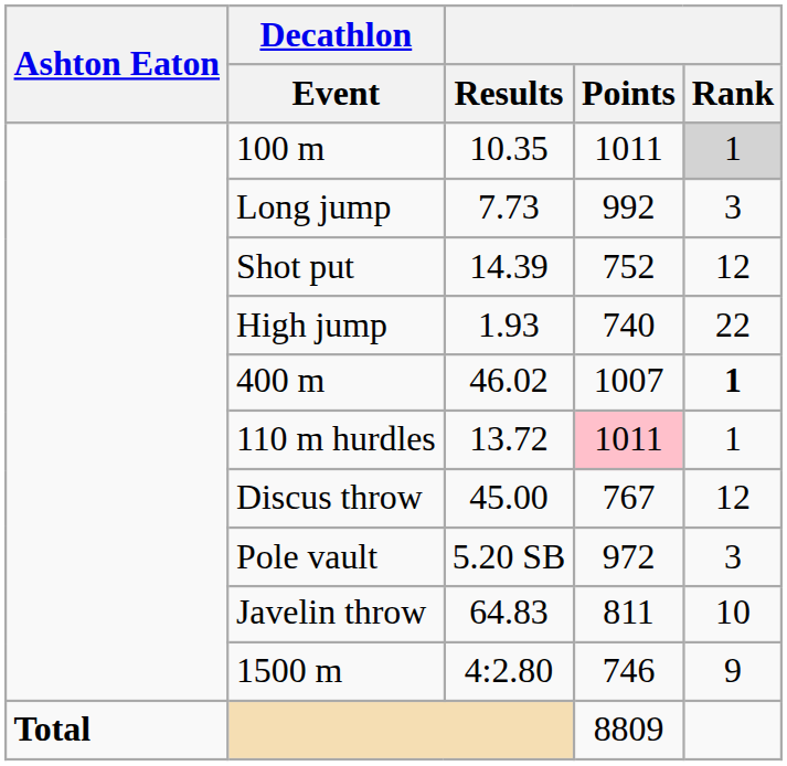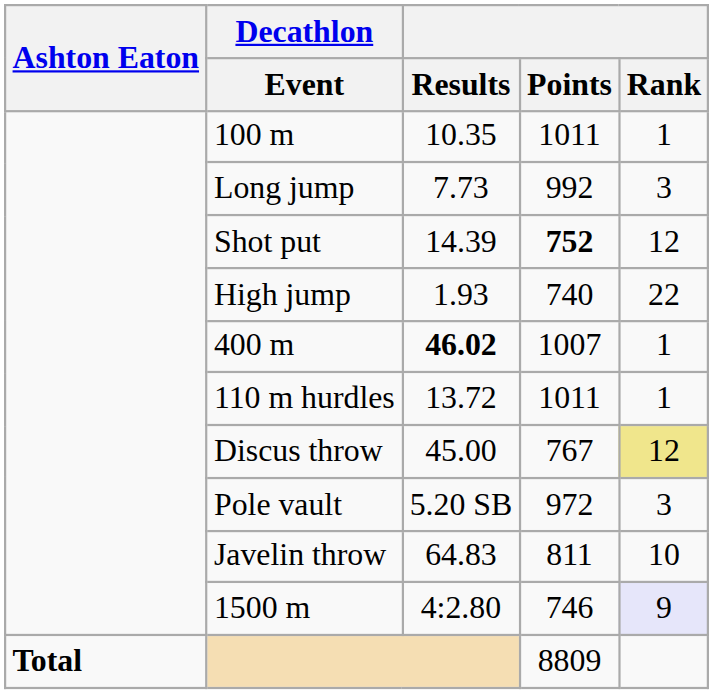 <table class=wikitable style="font-size:90%;">
 <tr>
 <th rowspan="2"><strong><a href='#'>Ashton Eaton</a></strong></th>
 <th><a href='#'>Decathlon</a></th>
 <th colspan="3"></th>
 </tr>
 <tr>
 <th>Event</th>
 <th>Results</th>
 <th>Points</th>
 <th>Rank</th>
 </tr>
 <tr style="border-top: single;">
 <td rowspan="10"></td>
 <td>100 m</td>
 <td align=center>10.35</td>
 <td align=center>1011</td>
-<td align=center style="background: lightgrey;">1</td>
+<td align=center>1</td>
 </tr>
 <tr>
 <td>Long jump</td>
 <td align=center>7.73</td>
 <td align=center>992</td>
 <td align=center>3</td>
 </tr>
 <tr>
 <td>Shot put</td>
 <td align=center>14.39</td>
-<td align=center>752</td>
+<td align=center><strong>752</strong></td>
 <td align=center>12</td>
 </tr>
 <tr>
 <td>High jump</td>
 <td align=center>1.93</td>
 <td align=center>740</td>
 <td align=center>22</td>
 </tr>
 <tr>
 <td>400 m</td>
-<td align=center>46.02</td>
+<td align=center><strong>46.02</strong></td>
 <td align=center>1007</td>
-<td align=center><strong>1</strong></td>
+<td align=center>1</td>
 </tr>
 <tr>
 <td>110 m hurdles</td>
 <td align=center>13.72</td>
-<td align=center style="background: pink;">1011</td>
+<td align=center>1011</td>
 <td align=center>1</td>
 </tr>
 <tr>
 <td>Discus throw</td>
 <td align=center>45.00</td>
 <td align=center>767</td>
-<td align=center>12</td>
+<td align=center style="background: khaki;">12</td>
 </tr>
 <tr>
 <td>Pole vault</td>
 <td align=center>5.20 SB</td>
 <td align=center>972</td>
 <td align=center>3</td>
 </tr>
 <tr>
 <td>Javelin throw</td>
 <td align=center>64.83</td>
 <td align=center>811</td>
 <td align=center>10</td>
 </tr>
 <tr>
 <td>1500 m</td>
 <td align=center>4:2.80</td>
 <td align=center>746</td>
-<td align=center>9</td>
+<td align=center style="background: lavender;">9</td>
 </tr>
 <tr style="border-top: single;">
 <td><strong>Total</strong></td>
 <td colspan="2" style="background:wheat;"></td>
 <td align=center>8809</td>
 <td align=center></td>
 </tr>
 </table>
